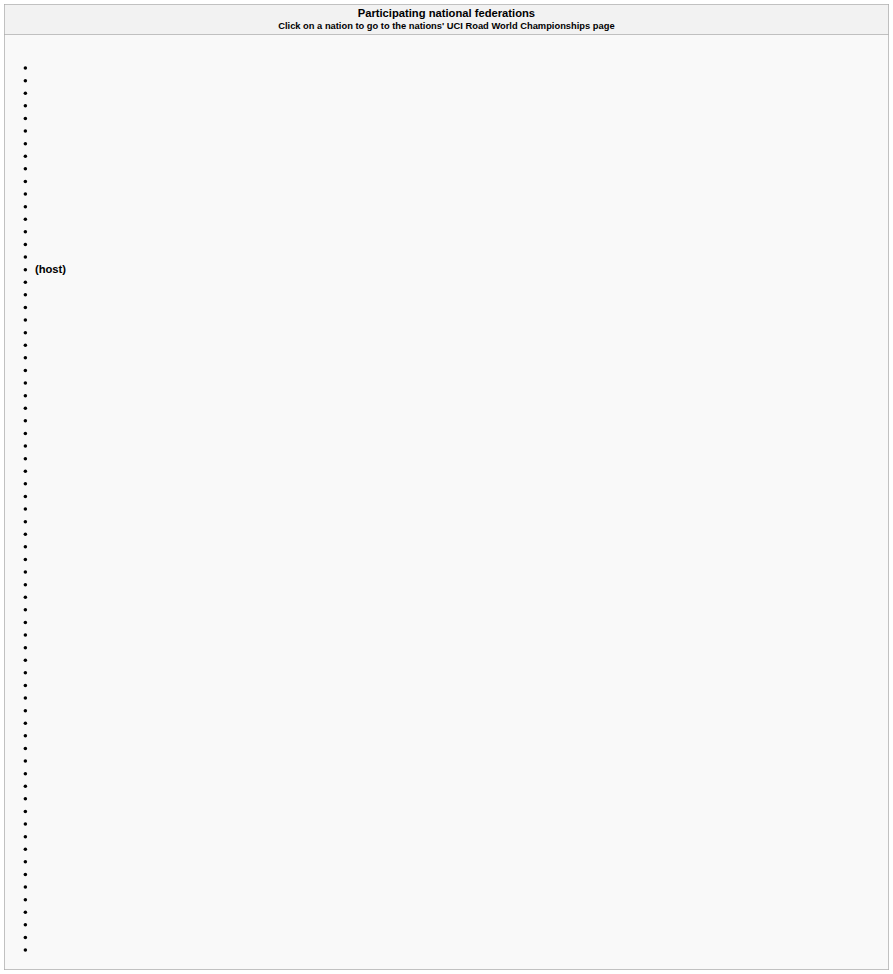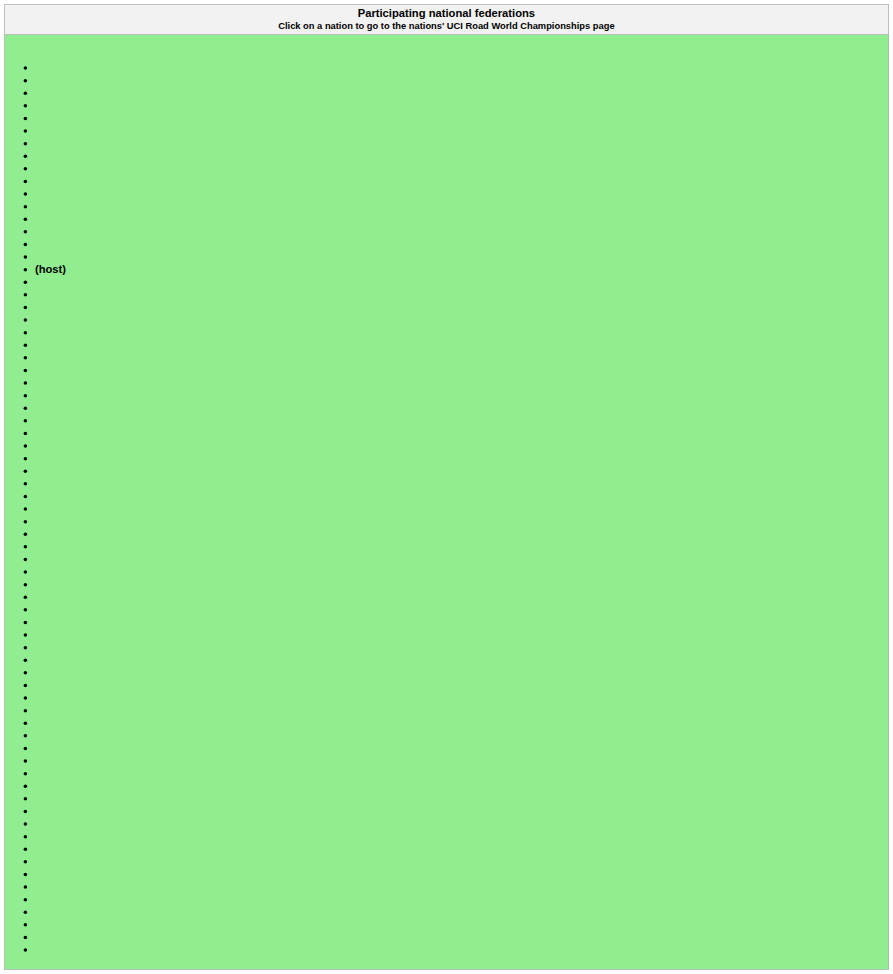 <table class="wikitable collapsible" style="width:100%;">
 <tr>
 <th>Participating national federations<br><small>Click on a nation to go to the nations' UCI Road World Championships page</small></th>
 </tr>
 <tr>
-<td><br><ul><li></li><li></li><li></li><li></li><li></li><li></li><li></li><li></li><li></li><li></li><li></li><li></li><li></li><li></li><li></li><li></li><li> <strong>(host)</strong></li><li></li><li></li><li></li><li></li><li></li><li></li><li></li><li></li><li></li><li></li><li></li><li></li><li></li><li></li><li></li><li></li><li></li><li></li><li></li><li></li><li></li><li></li><li></li><li></li><li></li><li></li><li></li><li></li><li></li><li></li><li></li><li></li><li></li><li></li><li></li><li></li><li></li><li></li><li></li><li></li><li></li><li></li><li></li><li></li><li></li><li></li><li></li><li></li><li></li><li></li><li></li><li></li><li></li><li></li></ul></td>
+<td style="background: lightgreen;"><br><ul><li></li><li></li><li></li><li></li><li></li><li></li><li></li><li></li><li></li><li></li><li></li><li></li><li></li><li></li><li></li><li></li><li> <strong>(host)</strong></li><li></li><li></li><li></li><li></li><li></li><li></li><li></li><li></li><li></li><li></li><li></li><li></li><li></li><li></li><li></li><li></li><li></li><li></li><li></li><li></li><li></li><li></li><li></li><li></li><li></li><li></li><li></li><li></li><li></li><li></li><li></li><li></li><li></li><li></li><li></li><li></li><li></li><li></li><li></li><li></li><li></li><li></li><li></li><li></li><li></li><li></li><li></li><li></li><li></li><li></li><li></li><li></li><li></li><li></li></ul></td>
 </tr>
 </table>
